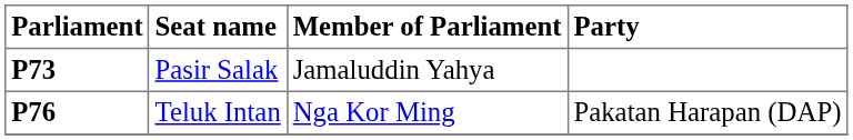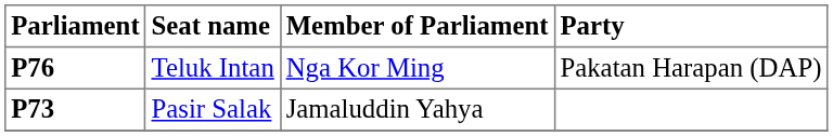 <table class="toccolours sortable" border="1" cellpadding="3" style="border-collapse:collapse; text-align: left;">
 <tr>
 <th align="center">Parliament</th>
 <th>Seat name</th>
 <th>Member of Parliament</th>
 <th>Party</th>
 </tr>
 <tr>
+<th align="left">P76</th>
+<td><a href='#'>Teluk Intan</a></td>
+<td><a href='#'>Nga Kor Ming</a></td>
+<td>Pakatan Harapan (DAP)</td>
+</tr>
+<tr>
 <th align="left">P73</th>
 <td><a href='#'>Pasir Salak</a></td>
 <td>Jamaluddin Yahya</td>
 <td></td>
 </tr>
 <tr>
-<th align="left">P76</th>
-<td><a href='#'>Teluk Intan</a></td>
-<td><a href='#'>Nga Kor Ming</a></td>
-<td>Pakatan Harapan (DAP)</td>
-</tr>
-<tr>
 </tr>
 </table>
